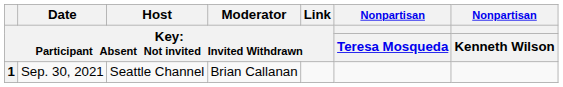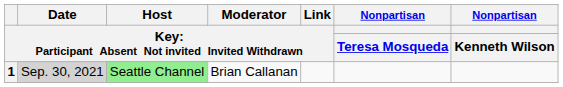 <table class="wikitable" style="text-align:center;">
 <tr>
 <th scope="col"></th>
 <th scope="col">Date</th>
 <th scope="col">Host</th>
 <th scope="col">Moderator</th>
 <th scope="col">Link</th>
 <th scope="col"><small><a href='#'>Nonpartisan</a></small></th>
 <th scope="col"><small><a href='#'>Nonpartisan</a></small></th>
 </tr>
 <tr>
 <th colspan="5" rowspan="2">Key:<br> <small>Participant </small>  <small>Absent </small>  <small>Not invited </small>  <small>Invited  Withdrawn</small></th>
 <th scope="col" style="background:"></th>
 <th scope="col" style="background:"></th>
 </tr>
 <tr>
 <th scope="col"><a href='#'>Teresa Mosqueda</a></th>
 <th scope="col">Kenneth Wilson</th>
 </tr>
 <tr>
 <th>1</th>
-<td style="white-space:nowrap;">Sep. 30, 2021</td>
-<td style="white-space:nowrap;">Seattle Channel</td>
+<td style="background: lightgrey; white-space:nowrap;">Sep. 30, 2021</td>
+<td style="background: lightgreen; white-space:nowrap;">Seattle Channel</td>
 <td style="white-space:nowrap;">Brian Callanan</td>
 <td style="white-space:nowrap;"></td>
 <td></td>
 <td></td>
 </tr>
 </table>
